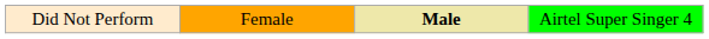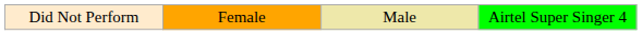 <table class="wikitable" style="margin:1em auto; text-align:center;">
 <tr>
 </tr>
 <tr>
 <td style="background:#FFEBCD;" width="15%">Did Not Perform</td>
 <td style="background:orange" width="15%">Female</td>
-<td style="background:palegoldenrod;" width="15%"><strong>Male</strong></td>
+<td style="background:palegoldenrod;" width="15%">Male</td>
 <td style="background:lime;" width="15%">Airtel Super Singer 4</td>
 </tr>
 </table>
